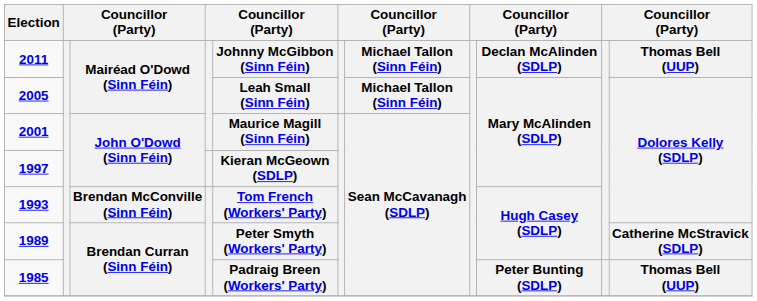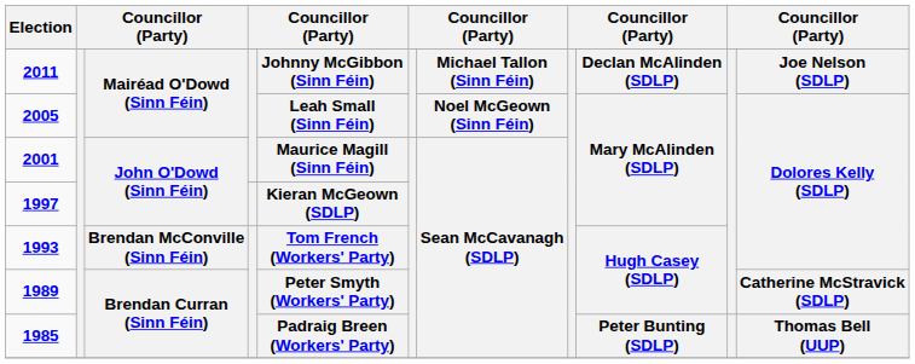 <table class="wikitable" style="text-align:center">
 <tr>
 <th scope="col" width="50">Election</th>
 <th scope="col" width="150" colspan = "2">Councillor<br> (Party)</th>
 <th scope="col" width="150" colspan = "2">Councillor<br> (Party)</th>
 <th scope="col" width="150" colspan = "2">Councillor<br> (Party)</th>
 <th scope="col" width="150" colspan = "2">Councillor<br> (Party)</th>
 <th scope="col" width="150" colspan = "2">Councillor<br> (Party)</th>
 </tr>
 <tr>
 <td><strong><a href='#'>2011</a></strong></td>
 <th rowspan="7" width="1" style="background-color: "></th>
 <th rowspan = "2">Mairéad O'Dowd <br> (<a href='#'>Sinn Féin</a>)</th>
 <th rowspan="3" width="1" style="background-color: "></th>
 <th rowspan = "1">Johnny McGibbon <br> (<a href='#'>Sinn Féin</a>)</th>
 <th rowspan="2" width="1" style="background-color: "></th>
 <th rowspan = "1">Michael Tallon <br> (<a href='#'>Sinn Féin</a>)</th>
 <th rowspan="7" width="1" style="background-color: "></th>
 <th rowspan = "1">Declan McAlinden <br> (<a href='#'>SDLP</a>)</th>
 <th rowspan="6" width="1" style="background-color: "></th>
-<th rowspan = "1">Thomas Bell <br> (<a href='#'>UUP</a>)</th>
+<th rowspan = "1">Joe Nelson <br> (<a href='#'>SDLP</a>)</th>
 </tr>
 <tr>
 <td><strong><a href='#'>2005</a></strong></td>
 <th rowspan = "1">Leah Small <br> (<a href='#'>Sinn Féin</a>)</th>
-<th rowspan = "1">Michael Tallon <br> (<a href='#'>Sinn Féin</a>)</th>
+<th rowspan = "1">Noel McGeown <br> (<a href='#'>Sinn Féin</a>)</th>
 <th rowspan = "3">Mary McAlinden <br> (<a href='#'>SDLP</a>)</th>
 <th rowspan = "4"><a href='#'>Dolores Kelly</a> <br> (<a href='#'>SDLP</a>)</th>
 </tr>
 <tr>
 <td><strong><a href='#'>2001</a></strong></td>
 <th rowspan = "2"><a href='#'>John O'Dowd</a> <br> (<a href='#'>Sinn Féin</a>)</th>
 <th rowspan = "1">Maurice Magill <br> (<a href='#'>Sinn Féin</a>)</th>
 <th rowspan="5" width="1" style="background-color: "></th>
 <th rowspan = "5">Sean McCavanagh <br> (<a href='#'>SDLP</a>)</th>
 </tr>
 <tr>
 <td><strong><a href='#'>1997</a></strong></td>
 <th rowspan="1" width="1" style="background-color: "></th>
 <th rowspan = "1">Kieran McGeown <br> (<a href='#'>SDLP</a>)</th>
 </tr>
 <tr>
 <td><strong><a href='#'>1993</a></strong></td>
 <th rowspan = "1">Brendan McConville <br> (<a href='#'>Sinn Féin</a>)</th>
 <th rowspan="3" width="1" style="background-color: "></th>
 <th rowspan = "1"><a href='#'>Tom French</a> <br> (<a href='#'>Workers' Party</a>)</th>
 <th rowspan = "2"><a href='#'>Hugh Casey</a> <br> (<a href='#'>SDLP</a>)</th>
 </tr>
 <tr>
 <td><strong><a href='#'>1989</a></strong></td>
 <th rowspan = "2">Brendan Curran <br> (<a href='#'>Sinn Féin</a>)</th>
 <th rowspan = "1">Peter Smyth <br> (<a href='#'>Workers' Party</a>)</th>
 <th rowspan = "1">Catherine McStravick <br> (<a href='#'>SDLP</a>)</th>
 </tr>
 <tr>
 <td><strong><a href='#'>1985</a></strong></td>
 <th rowspan = "1">Padraig Breen <br> (<a href='#'>Workers' Party</a>)</th>
 <th rowspan = "1">Peter Bunting <br> (<a href='#'>SDLP</a>)</th>
 <th rowspan="1" width="1" style="background-color: "></th>
 <th rowspan = "1">Thomas Bell <br> (<a href='#'>UUP</a>)</th>
 </tr>
 <tr>
 </tr>
 </table>
